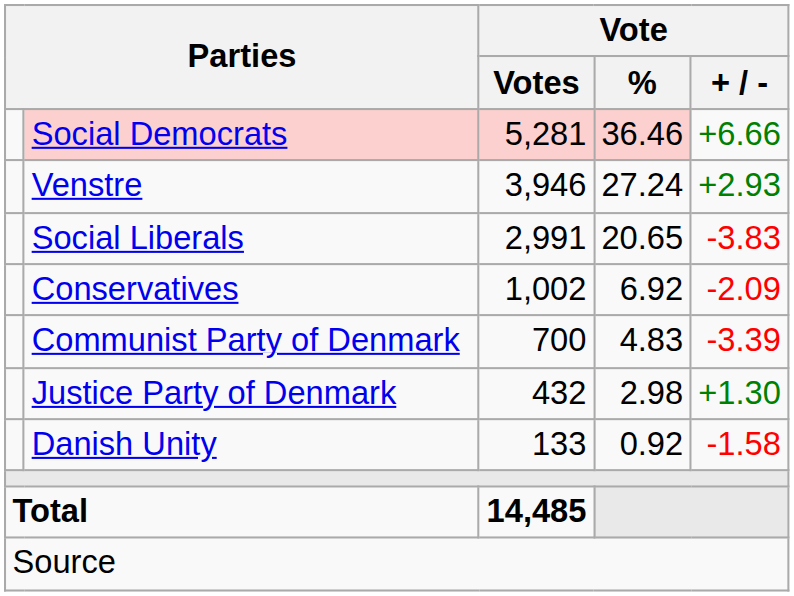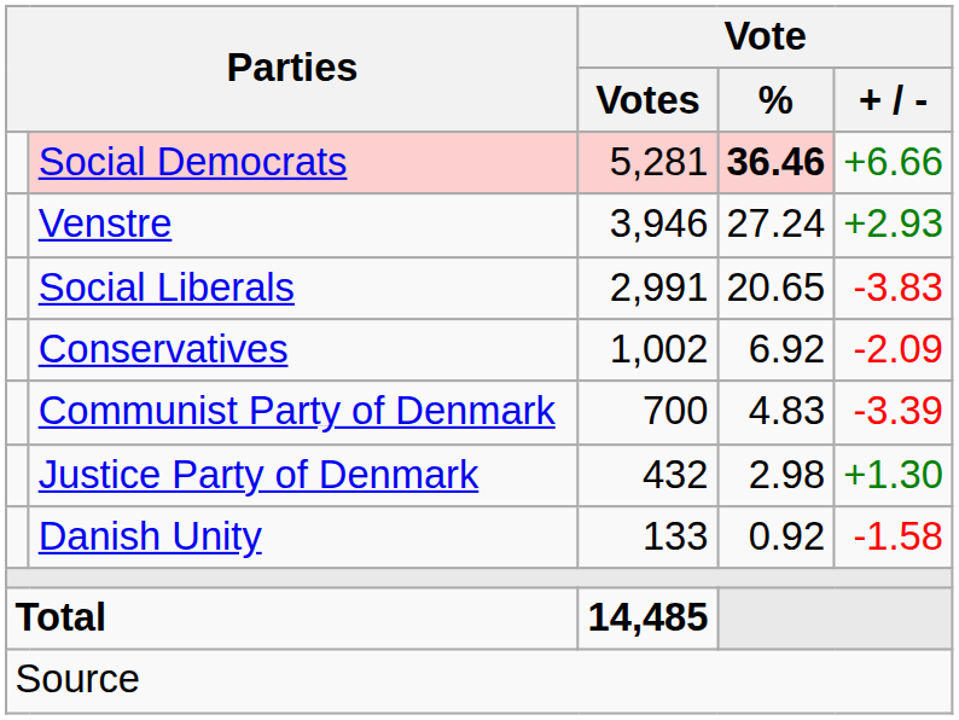 <table class="wikitable" style="text-align:right;">
 <tr>
 <th style="text-align:centre;" rowspan="2" colspan="2" width="225">Parties</th>
 <th colspan="3">Vote</th>
 </tr>
 <tr>
 <th width="15">Votes</th>
 <th width="15">%</th>
 <th width="15">+ / -</th>
 </tr>
 <tr>
 <td width="2" style="color:inherit;background:"></td>
 <td bgcolor=#fbd0ce  align="left"><a href='#'>Social Democrats</a></td>
 <td bgcolor=#fbd0ce>5,281</td>
-<td bgcolor=#fbd0ce>36.46</td>
+<td bgcolor=#fbd0ce><strong>36.46</strong></td>
 <td style=color:green;>+6.66</td>
 </tr>
 <tr>
 <td width="2" style="color:inherit;background:"></td>
 <td align="left"><a href='#'>Venstre</a></td>
 <td>3,946</td>
 <td>27.24</td>
 <td style=color:green;>+2.93</td>
 </tr>
 <tr>
 <td width="2" style="color:inherit;background:"></td>
 <td align="left"><a href='#'>Social Liberals</a></td>
 <td>2,991</td>
 <td>20.65</td>
 <td style=color:red;>-3.83</td>
 </tr>
 <tr>
 <td width="2" style="color:inherit;background:"></td>
 <td align="left"><a href='#'>Conservatives</a></td>
 <td>1,002</td>
 <td>6.92</td>
 <td style=color:red;>-2.09</td>
 </tr>
 <tr>
 <td width="2" style="color:inherit;background:"></td>
 <td align="left"><a href='#'>Communist Party of Denmark</a></td>
 <td>700</td>
 <td>4.83</td>
 <td style=color:red;>-3.39</td>
 </tr>
 <tr>
 <td width="2" style="color:inherit;background:"></td>
 <td align="left"><a href='#'>Justice Party of Denmark</a></td>
 <td>432</td>
 <td>2.98</td>
 <td style=color:green;>+1.30</td>
 </tr>
 <tr>
 <td width="2" style="color:inherit;background:"></td>
 <td align="left"><a href='#'>Danish Unity</a></td>
 <td>133</td>
 <td>0.92</td>
 <td style=color:red;>-1.58</td>
 </tr>
 <tr>
 <td colspan="7" bgcolor="#E9E9E9"></td>
 </tr>
 <tr>
 <td align="left" colspan="2"><strong>Total</strong></td>
 <td><strong>14,485</strong></td>
 <td bgcolor="#E9E9E9" colspan="2"></td>
 </tr>
 <tr>
 <td align="left" colspan="6">Source</td>
 </tr>
 </table>
